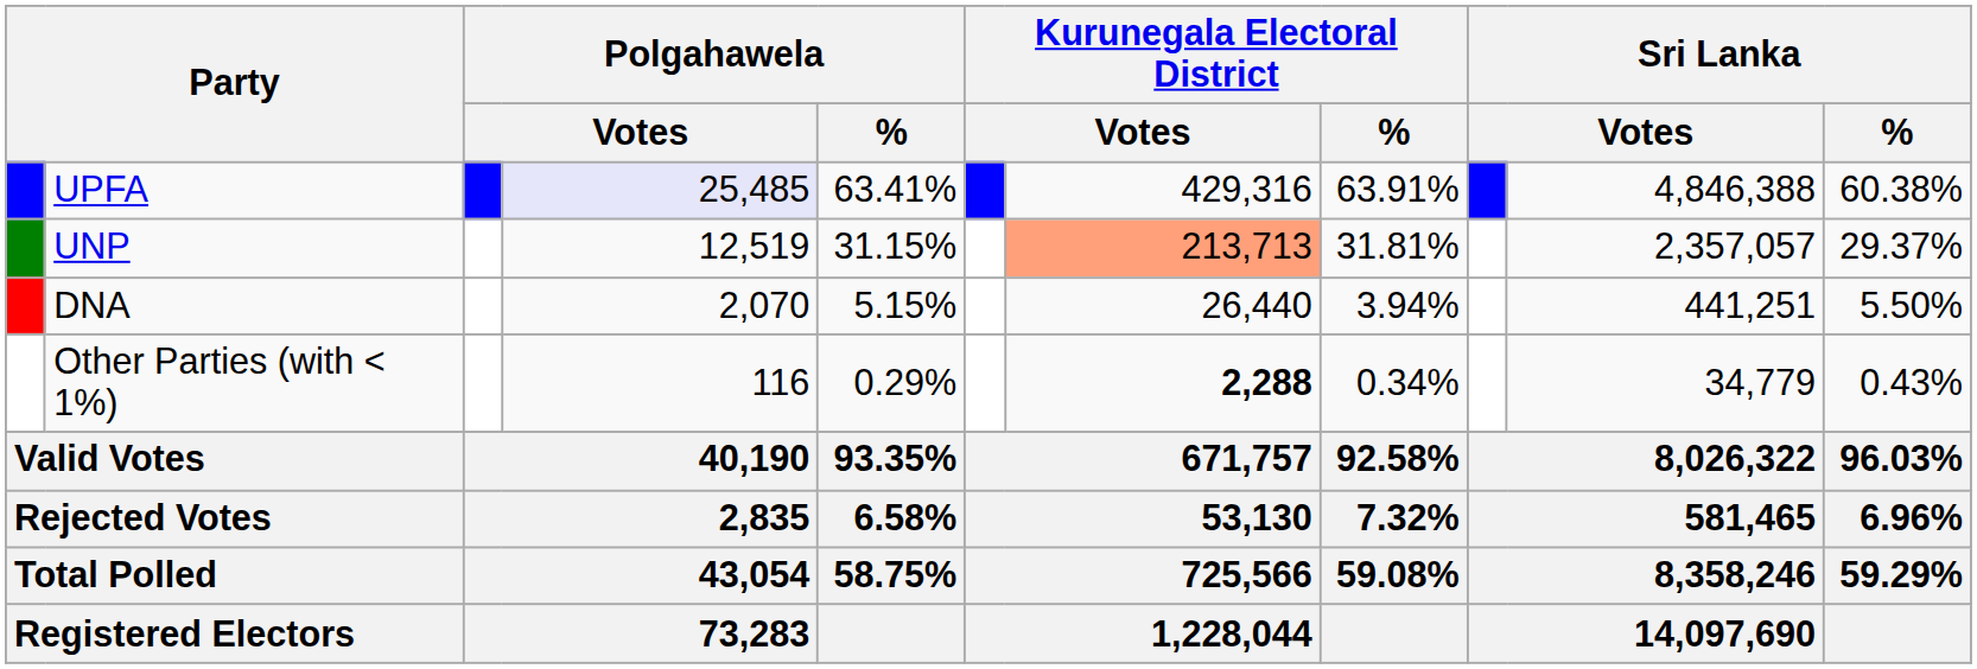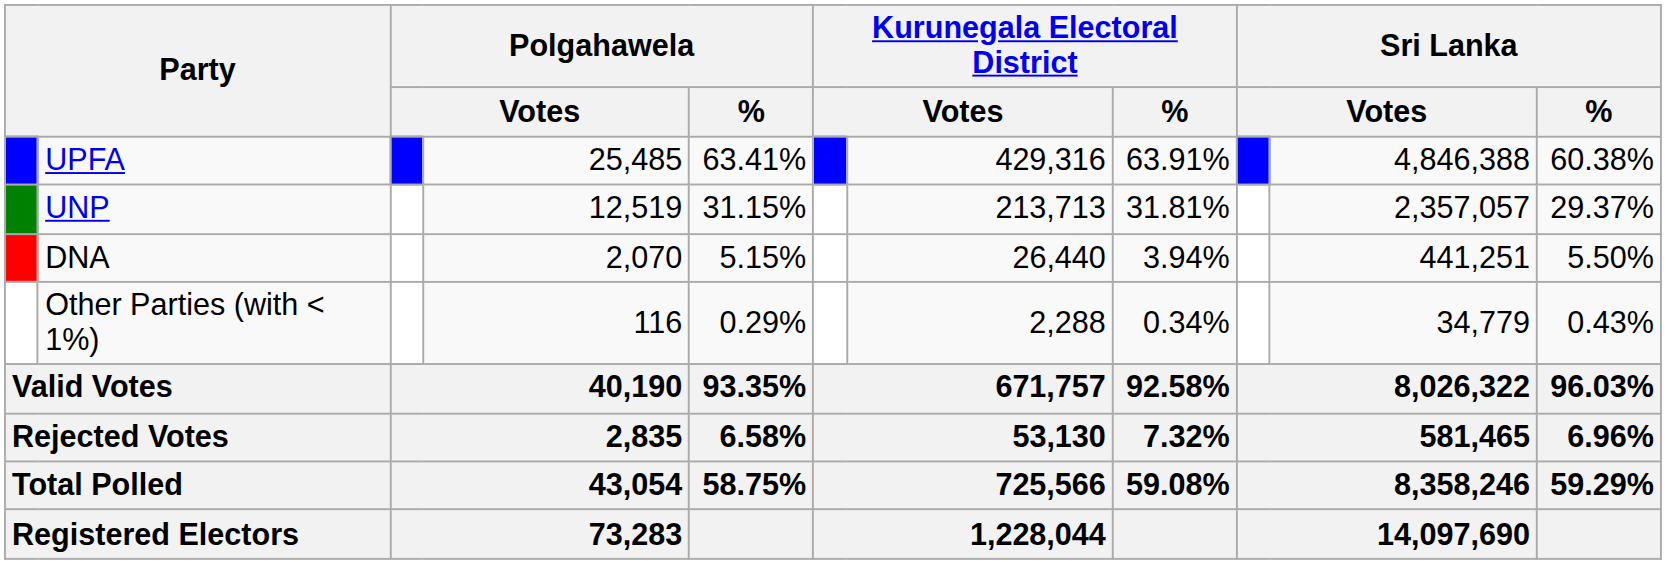 <table class="wikitable">
 <tr>
 <th colspan="2" width="144px"rowspan="2">Party</th>
 <th colspan="3" width="216px">Polgahawela</th>
 <th colspan="3" width="216px"><a href='#'>Kurunegala Electoral District</a></th>
 <th colspan="3" width="216px">Sri Lanka</th>
 </tr>
 <tr>
 <th colspan="2" width="144px">Votes</th>
 <th>%</th>
 <th colspan="2" width="144px">Votes</th>
 <th>%</th>
 <th colspan="2" width="144px">Votes</th>
 <th>%</th>
 </tr>
 <tr>
 <td style="background-color:blue;" width="10px"></td>
 <td style="text-align:left;"><a href='#'>UPFA</a></td>
 <td style="background-color:blue;" width="10px"></td>
-<td style="background: lavender; text-align:right;">25,485</td>
+<td style="text-align:right;">25,485</td>
 <td style="text-align:right;">63.41%</td>
 <td style="background-color:blue;" width="10px"></td>
 <td style="text-align:right;">429,316</td>
 <td style="text-align:right;">63.91%</td>
 <td style="background-color:blue;" width="10px"></td>
 <td style="text-align:right;">4,846,388</td>
 <td style="text-align:right;">60.38%</td>
 </tr>
 <tr>
 <td style="background-color:green;" width="10px"></td>
 <td style="text-align:left;"><a href='#'>UNP</a></td>
 <td style="background-color:white;" width="10px"></td>
 <td style="text-align:right;">12,519</td>
 <td style="text-align:right;">31.15%</td>
 <td style="background-color:white;" width="10px"></td>
-<td style="background: lightsalmon; text-align:right;">213,713</td>
+<td style="text-align:right;">213,713</td>
 <td style="text-align:right;">31.81%</td>
 <td style="background-color:white;" width="10px"></td>
 <td style="text-align:right;">2,357,057</td>
 <td style="text-align:right;">29.37%</td>
 </tr>
 <tr>
 <td style="background-color:red;" width="10px"></td>
 <td style="text-align:left;">DNA</td>
 <td style="background-color:white;" width="10px"></td>
 <td style="text-align:right;">2,070</td>
 <td style="text-align:right;">5.15%</td>
 <td style="background-color:white;" width="10px"></td>
 <td style="text-align:right;">26,440</td>
 <td style="text-align:right;">3.94%</td>
 <td style="background-color:white;" width="10px"></td>
 <td style="text-align:right;">441,251</td>
 <td style="text-align:right;">5.50%</td>
 </tr>
 <tr>
 <td style="background-color:white;" width="10px"></td>
 <td style="text-align:left;">Other Parties (with < 1%)</td>
 <td style="background-color:white;" width="10px"></td>
 <td style="text-align:right;">116</td>
 <td style="text-align:right;">0.29%</td>
 <td style="background-color:white;" width="10px"></td>
-<td style="text-align:right;"><strong>2,288</strong></td>
+<td style="text-align:right;">2,288</td>
 <td style="text-align:right;">0.34%</td>
 <td style="background-color:white;" width="10px"></td>
 <td style="text-align:right;">34,779</td>
 <td style="text-align:right;">0.43%</td>
 </tr>
 <tr>
 <th colspan="2" width="144px"style="text-align:left;">Valid Votes</th>
 <th style="text-align:right;"colspan="2" width="144px">40,190</th>
 <th style="text-align:right;">93.35%</th>
 <th style="text-align:right;"colspan="2" width="144px">671,757</th>
 <th style="text-align:right;">92.58%</th>
 <th style="text-align:right;"colspan="2" width="144px">8,026,322</th>
 <th style="text-align:right;">96.03%</th>
 </tr>
 <tr>
 <th colspan="2" width="144px"style="text-align:left;">Rejected Votes</th>
 <th style="text-align:right;"colspan="2" width="144px">2,835</th>
 <th style="text-align:right;">6.58%</th>
 <th style="text-align:right;"colspan="2" width="144px">53,130</th>
 <th style="text-align:right;">7.32%</th>
 <th style="text-align:right;"colspan="2" width="144px">581,465</th>
 <th style="text-align:right;">6.96%</th>
 </tr>
 <tr>
 <th colspan="2" width="144px"style="text-align:left;">Total Polled</th>
 <th style="text-align:right;"colspan="2" width="144px">43,054</th>
 <th style="text-align:right;">58.75%</th>
 <th style="text-align:right;"colspan="2" width="144px">725,566</th>
 <th style="text-align:right;">59.08%</th>
 <th style="text-align:right;"colspan="2" width="144px">8,358,246</th>
 <th style="text-align:right;">59.29%</th>
 </tr>
 <tr>
 <th colspan="2" width="144px"style="text-align:left;">Registered Electors</th>
 <th style="text-align:right;"colspan="2" width="144px">73,283</th>
 <th></th>
 <th style="text-align:right;"colspan="2" width="144px">1,228,044</th>
 <th></th>
 <th style="text-align:right;"colspan="2" width="144px">14,097,690</th>
 <th></th>
 </tr>
 </table>
